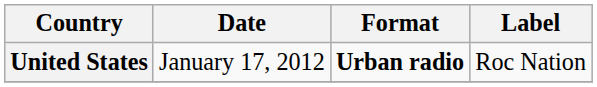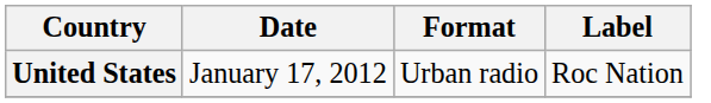 <table class="wikitable plainrowheaders">
 <tr>
 <th scope="col">Country</th>
 <th scope="col">Date</th>
 <th scope="col">Format</th>
 <th scope="col">Label</th>
 </tr>
 <tr>
 <th scope="row">United States</th>
 <td>January 17, 2012</td>
-<td><strong>Urban radio</strong></td>
+<td>Urban radio</td>
 <td>Roc Nation</td>
 </tr>
 <tr>
 </tr>
 </table>
